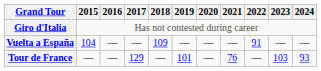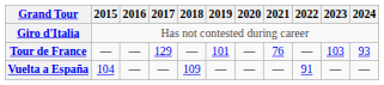 <table class="wikitable plainrowheaders">
 <tr>
 <th scope="col"><a href='#'>Grand Tour</a></th>
 <th scope="col">2015</th>
 <th scope="col">2016</th>
 <th scope="col">2017</th>
 <th scope="col">2018</th>
 <th scope="col">2019</th>
 <th scope="col">2020</th>
 <th scope="col">2021</th>
 <th scope="col">2022</th>
 <th scope="col">2023</th>
 <th scope="col">2024</th>
 </tr>
 <tr style="text-align:center;">
 <th scope="row"> <a href='#'>Giro d'Italia</a></th>
 <td style="color:#4d4d4d;" colspan=10>Has not contested during career</td>
 </tr>
 <tr style="text-align:center;">
+<th scope="row"> <a href='#'>Tour de France</a></th>
+<td>—</td>
+<td>—</td>
+<td><a href='#'>129</a></td>
+<td>—</td>
+<td><a href='#'>101</a></td>
+<td>—</td>
+<td><a href='#'>76</a></td>
+<td>—</td>
+<td><a href='#'>103</a></td>
+<td><a href='#'>93</a></td>
+</tr>
+<tr style="text-align:center;">
 <th scope="row"> <a href='#'>Vuelta a España</a></th>
 <td><a href='#'>104</a></td>
 <td>—</td>
 <td>—</td>
 <td><a href='#'>109</a></td>
 <td>—</td>
 <td>—</td>
 <td>—</td>
 <td><a href='#'>91</a></td>
 <td>—</td>
 <td>—</td>
 </tr>
-<tr style="text-align:center;">
-<th scope="row"> <a href='#'>Tour de France</a></th>
-<td>—</td>
-<td>—</td>
-<td><a href='#'>129</a></td>
-<td>—</td>
-<td><a href='#'>101</a></td>
-<td>—</td>
-<td><a href='#'>76</a></td>
-<td>—</td>
-<td><a href='#'>103</a></td>
-<td><a href='#'>93</a></td>
-</tr>
 </table>
